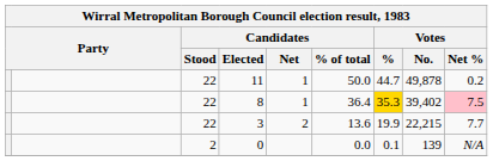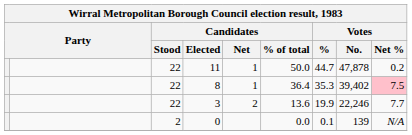 <table class="wikitable" style="font-size:95%">
 <tr>
 <th colspan="16" style="background-color:#f2f2f2">Wirral Metropolitan Borough Council election result, 1983</th>
 </tr>
 <tr style="vertical-align:center;">
 <th colspan="2" rowspan="2">Party</th>
 <th colspan="4" style="width: 30px">Candidates</th>
 <th colspan="3" style="width: 30px">Votes</th>
 </tr>
 <tr>
 <th>Stood</th>
 <th>Elected</th>
 <th style="width: 45px">Net</th>
 <th>% of total</th>
 <th>%</th>
 <th>No.</th>
 <th>Net %</th>
 </tr>
 <tr>
 <th style="background-color: "></th>
 <td style="width: 190px"><a href='#'></a></td>
 <td style="text-align:right; ">22</td>
 <td style="text-align:right; ">11</td>
 <td style="text-align:right; "><span>1</span></td>
 <td style="text-align:right; ">50.0</td>
 <td style="text-align:right; ">44.7</td>
-<td style="text-align:right; ">49,878</td>
+<td style="text-align:right; ">47,878</td>
 <td style="text-align:right; "><span>0.2</span></td>
 </tr>
 <tr>
 <th style="background-color: "></th>
 <td style="width: 190px"><a href='#'></a></td>
 <td style="text-align:right; ">22</td>
 <td style="text-align:right; ">8</td>
 <td style="text-align:right; "><span>1</span></td>
 <td style="text-align:right; ">36.4</td>
-<td style="background: gold; text-align:right; ">35.3</td>
+<td style="text-align:right; ">35.3</td>
 <td style="text-align:right; ">39,402</td>
 <td style="background: pink; text-align:right; "><span>7.5</span></td>
 </tr>
 <tr>
 <th style="background-color: "></th>
 <td style="width: 190px"><a href='#'></a></td>
 <td style="text-align:right; ">22</td>
 <td style="text-align:right; ">3</td>
 <td style="text-align:right; "><span>2</span></td>
 <td style="text-align:right; ">13.6</td>
 <td style="text-align:right; ">19.9</td>
-<td style="text-align:right; ">22,215</td>
+<td style="text-align:right; ">22,246</td>
 <td style="text-align:right; "><span>7.7</span></td>
 </tr>
 <tr>
 <th style="background-color: "></th>
 <td style="width: 190px"><a href='#'></a></td>
 <td style="text-align:right; ">2</td>
 <td style="text-align:right; ">0</td>
 <td style="text-align:right; "></td>
 <td style="text-align:right; ">0.0</td>
 <td style="text-align:right; ">0.1</td>
 <td style="text-align:right; ">139</td>
 <td style="text-align:right; "><em>N/A</em></td>
 </tr>
 <tr>
 </tr>
 </table>
